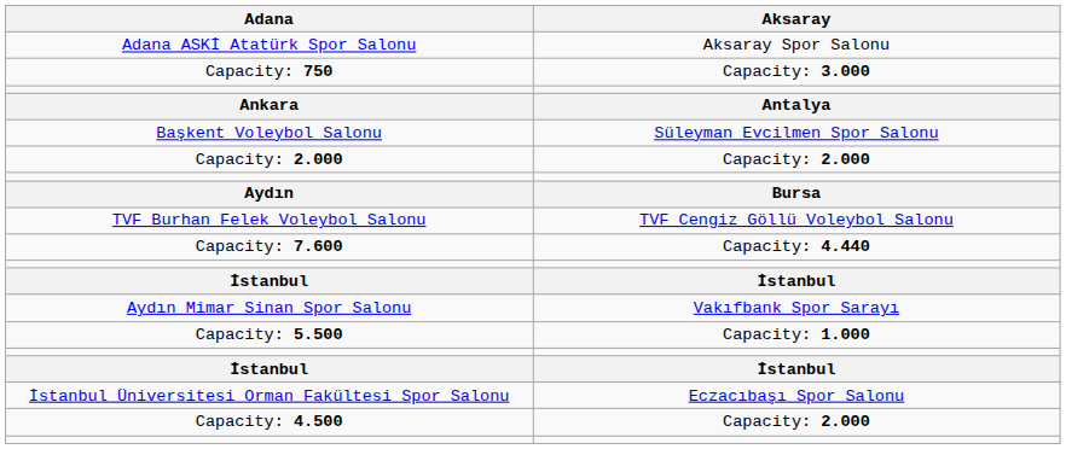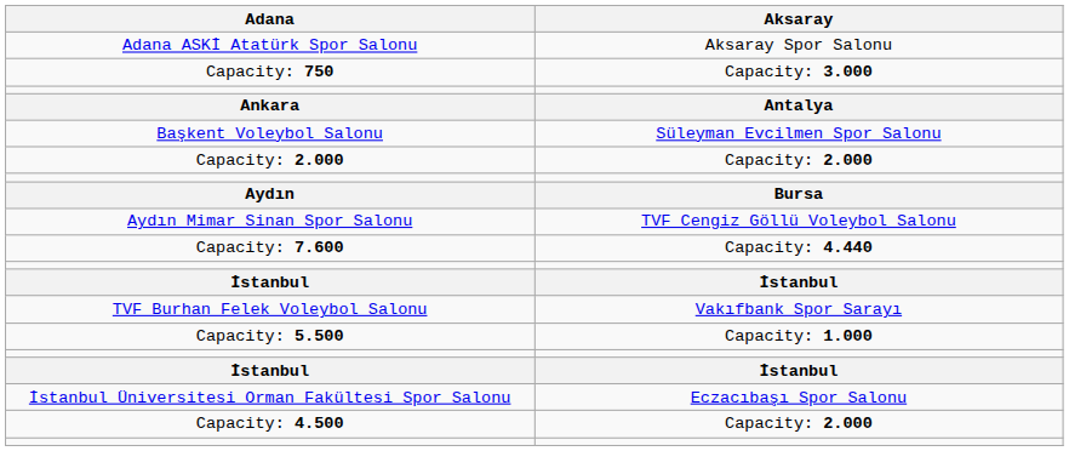 <table class="wikitable" style="text-align:center" width=840>
 <tr>
 <th width=50%>Adana</th>
 <th width=50%>Aksaray</th>
 </tr>
 <tr>
 <td><a href='#'>Adana ASKİ Atatürk Spor Salonu</a></td>
 <td>Aksaray Spor Salonu</td>
 </tr>
 <tr>
 <td>Capacity: <strong>750</strong></td>
 <td>Capacity: <strong>3.000</strong></td>
 </tr>
 <tr>
 <td></td>
 <td></td>
 </tr>
 <tr>
 <th width=50%>Ankara</th>
 <th width=50%>Antalya</th>
 </tr>
 <tr>
 <td><a href='#'>Başkent Voleybol Salonu</a></td>
 <td><a href='#'>Süleyman Evcilmen Spor Salonu</a></td>
 </tr>
 <tr>
 <td>Capacity: <strong>2.000</strong></td>
 <td>Capacity: <strong>2.000</strong></td>
 </tr>
 <tr>
 <td></td>
 <td></td>
 </tr>
 <tr>
 <th width=50%>Aydın</th>
 <th width=50%>Bursa</th>
 </tr>
 <tr>
-<td><a href='#'>TVF Burhan Felek Voleybol Salonu</a></td>
+<td><a href='#'>Aydın Mimar Sinan Spor Salonu</a></td>
 <td><a href='#'>TVF Cengiz Göllü Voleybol Salonu</a></td>
 </tr>
 <tr>
 <td>Capacity: <strong>7.600</strong></td>
 <td>Capacity: <strong>4.440</strong></td>
 </tr>
 <tr>
 <td></td>
 <td></td>
 </tr>
 <tr>
 <th width=50%>İstanbul</th>
 <th width=50%>İstanbul</th>
 </tr>
 <tr>
-<td><a href='#'>Aydın Mimar Sinan Spor Salonu</a></td>
+<td><a href='#'>TVF Burhan Felek Voleybol Salonu</a></td>
 <td><a href='#'>Vakıfbank Spor Sarayı</a></td>
 </tr>
 <tr>
 <td>Capacity: <strong>5.500</strong></td>
 <td>Capacity: <strong>1.000</strong></td>
 </tr>
 <tr>
 <td></td>
 <td></td>
 </tr>
 <tr>
 <th width=%50>İstanbul</th>
 <th width=%50>İstanbul</th>
 </tr>
 <tr>
 <td><a href='#'>İstanbul Üniversitesi Orman Fakültesi Spor Salonu</a></td>
 <td><a href='#'>Eczacıbaşı Spor Salonu</a></td>
 </tr>
 <tr>
 <td>Capacity: <strong>4.500</strong></td>
 <td>Capacity: <strong>2.000</strong></td>
 </tr>
 <tr>
 <td></td>
 <td></td>
 </tr>
 </table>
